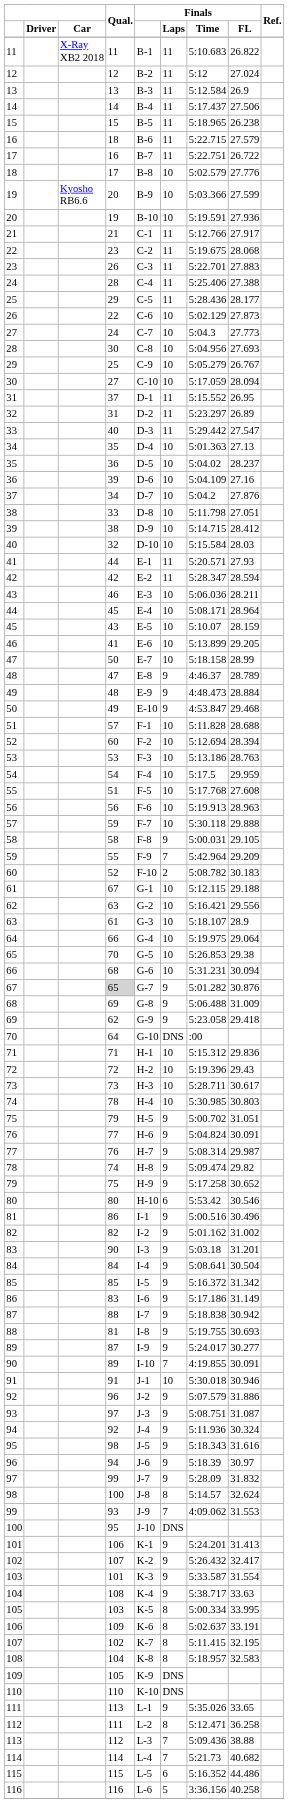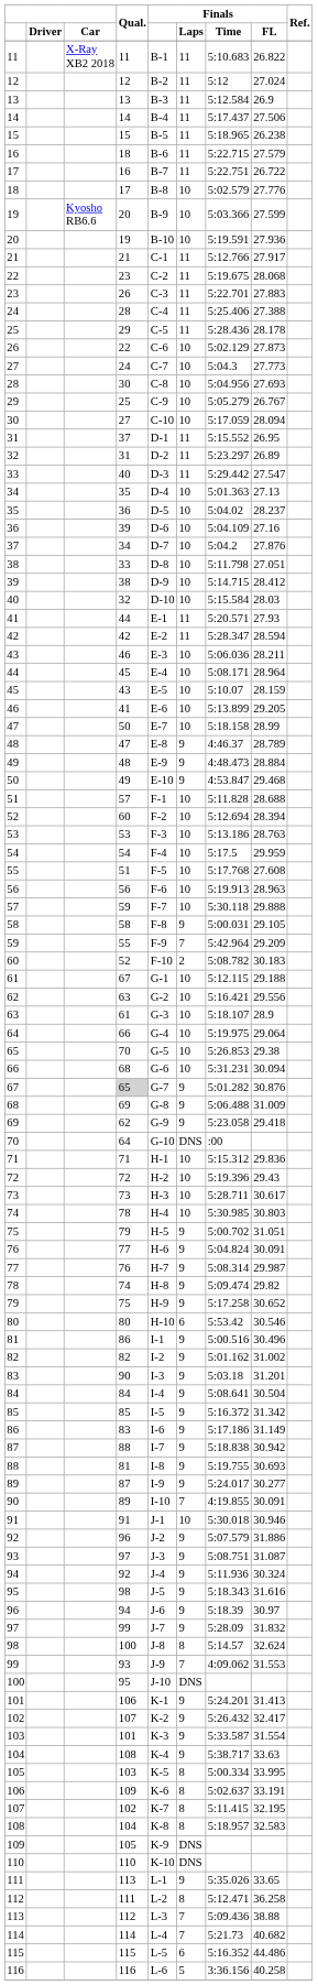 <table border="2" cellpadding="2" cellspacing="0" style="margin:0 1em 0 0; border:1px #aaa solid; border-collapse:collapse; font-size:85%;">
 <tr>
 <th colspan="3"></th>
 <th rowspan="2" style="text-align:center;">Qual.</th>
 <th colspan="4" style="text-align:center;">Finals</th>
 <th rowspan="2" style="text-align:center;">Ref.</th>
 </tr>
 <tr>
 <th style="text-align:center;"></th>
 <th style="text-align:center;">Driver</th>
 <th style="text-align:center;">Car</th>
 <th style="text-align:center;"></th>
 <th style="text-align:center;">Laps</th>
 <th style="text-align:center;">Time</th>
 <th style="text-align:center;">FL</th>
 </tr>
 <tr>
 </tr>
 <tr>
 <td>11</td>
 <td></td>
 <td><a href='#'>X-Ray</a><br> XB2 2018</td>
 <td>11</td>
 <td>B-1</td>
 <td>11</td>
 <td>5:10.683</td>
 <td>26.822</td>
 <td></td>
 </tr>
 <tr>
 <td>12</td>
 <td></td>
 <td></td>
 <td>12</td>
 <td>B-2</td>
 <td>11</td>
 <td>5:12</td>
 <td>27.024</td>
 <td></td>
 </tr>
 <tr>
 <td>13</td>
 <td></td>
 <td></td>
 <td>13</td>
 <td>B-3</td>
 <td>11</td>
 <td>5:12.584</td>
 <td>26.9</td>
 <td></td>
 </tr>
 <tr>
 <td>14</td>
 <td></td>
 <td></td>
 <td>14</td>
 <td>B-4</td>
 <td>11</td>
 <td>5:17.437</td>
 <td>27.506</td>
 <td></td>
 </tr>
 <tr>
 <td>15</td>
 <td></td>
 <td></td>
 <td>15</td>
 <td>B-5</td>
 <td>11</td>
 <td>5:18.965</td>
 <td>26.238</td>
 <td></td>
 </tr>
 <tr>
 <td>16</td>
 <td></td>
 <td></td>
 <td>18</td>
 <td>B-6</td>
 <td>11</td>
 <td>5:22.715</td>
 <td>27.579</td>
 <td></td>
 </tr>
 <tr>
 <td>17</td>
 <td></td>
 <td></td>
 <td>16</td>
 <td>B-7</td>
 <td>11</td>
 <td>5:22.751</td>
 <td>26.722</td>
 <td></td>
 </tr>
 <tr>
 <td>18</td>
 <td></td>
 <td></td>
 <td>17</td>
 <td>B-8</td>
 <td>10</td>
 <td>5:02.579</td>
 <td>27.776</td>
 <td></td>
 </tr>
 <tr>
 <td>19</td>
 <td></td>
 <td><a href='#'>Kyosho</a><br> RB6.6</td>
 <td>20</td>
 <td>B-9</td>
 <td>10</td>
 <td>5:03.366</td>
 <td>27.599</td>
 <td></td>
 </tr>
 <tr>
 <td>20</td>
 <td></td>
 <td></td>
 <td>19</td>
 <td>B-10</td>
 <td>10</td>
 <td>5:19.591</td>
 <td>27.936</td>
 <td></td>
 </tr>
 <tr>
 <td>21</td>
 <td></td>
 <td></td>
 <td>21</td>
 <td>C-1</td>
 <td>11</td>
 <td>5:12.766</td>
 <td>27.917</td>
 <td></td>
 </tr>
 <tr>
 <td>22</td>
 <td></td>
 <td></td>
 <td>23</td>
 <td>C-2</td>
 <td>11</td>
 <td>5:19.675</td>
 <td>28.068</td>
 <td></td>
 </tr>
 <tr>
 <td>23</td>
 <td></td>
 <td></td>
 <td>26</td>
 <td>C-3</td>
 <td>11</td>
 <td>5:22.701</td>
 <td>27.883</td>
 <td></td>
 </tr>
 <tr>
 <td>24</td>
 <td></td>
 <td></td>
 <td>28</td>
 <td>C-4</td>
 <td>11</td>
 <td>5:25.406</td>
 <td>27.388</td>
 <td></td>
 </tr>
 <tr>
 <td>25</td>
 <td></td>
 <td></td>
 <td>29</td>
 <td>C-5</td>
 <td>11</td>
 <td>5:28.436</td>
-<td>28.177</td>
+<td>28.178</td>
 <td></td>
 </tr>
 <tr>
 <td>26</td>
 <td></td>
 <td></td>
 <td>22</td>
 <td>C-6</td>
 <td>10</td>
 <td>5:02.129</td>
 <td>27.873</td>
 <td></td>
 </tr>
 <tr>
 <td>27</td>
 <td></td>
 <td></td>
 <td>24</td>
 <td>C-7</td>
 <td>10</td>
 <td>5:04.3</td>
 <td>27.773</td>
 <td></td>
 </tr>
 <tr>
 <td>28</td>
 <td></td>
 <td></td>
 <td>30</td>
 <td>C-8</td>
 <td>10</td>
 <td>5:04.956</td>
 <td>27.693</td>
 <td></td>
 </tr>
 <tr>
 <td>29</td>
 <td></td>
 <td></td>
 <td>25</td>
 <td>C-9</td>
 <td>10</td>
 <td>5:05.279</td>
 <td>26.767</td>
 <td></td>
 </tr>
 <tr>
 <td>30</td>
 <td></td>
 <td></td>
 <td>27</td>
 <td>C-10</td>
 <td>10</td>
 <td>5:17.059</td>
 <td>28.094</td>
 <td></td>
 </tr>
 <tr>
 <td>31</td>
 <td></td>
 <td></td>
 <td>37</td>
 <td>D-1</td>
 <td>11</td>
 <td>5:15.552</td>
 <td>26.95</td>
 <td></td>
 </tr>
 <tr>
 <td>32</td>
 <td></td>
 <td></td>
 <td>31</td>
 <td>D-2</td>
 <td>11</td>
 <td>5:23.297</td>
 <td>26.89</td>
 <td></td>
 </tr>
 <tr>
 <td>33</td>
 <td></td>
 <td></td>
 <td>40</td>
 <td>D-3</td>
 <td>11</td>
 <td>5:29.442</td>
 <td>27.547</td>
 <td></td>
 </tr>
 <tr>
 <td>34</td>
 <td></td>
 <td></td>
 <td>35</td>
 <td>D-4</td>
 <td>10</td>
 <td>5:01.363</td>
 <td>27.13</td>
 <td></td>
 </tr>
 <tr>
 <td>35</td>
 <td></td>
 <td></td>
 <td>36</td>
 <td>D-5</td>
 <td>10</td>
 <td>5:04.02</td>
 <td>28.237</td>
 <td></td>
 </tr>
 <tr>
 <td>36</td>
 <td></td>
 <td></td>
 <td>39</td>
 <td>D-6</td>
 <td>10</td>
 <td>5:04.109</td>
 <td>27.16</td>
 <td></td>
 </tr>
 <tr>
 <td>37</td>
 <td></td>
 <td></td>
 <td>34</td>
 <td>D-7</td>
 <td>10</td>
 <td>5:04.2</td>
 <td>27.876</td>
 <td></td>
 </tr>
 <tr>
 <td>38</td>
 <td></td>
 <td></td>
 <td>33</td>
 <td>D-8</td>
 <td>10</td>
 <td>5:11.798</td>
 <td>27.051</td>
 <td></td>
 </tr>
 <tr>
 <td>39</td>
 <td></td>
 <td></td>
 <td>38</td>
 <td>D-9</td>
 <td>10</td>
 <td>5:14.715</td>
 <td>28.412</td>
 <td></td>
 </tr>
 <tr>
 <td>40</td>
 <td></td>
 <td></td>
 <td>32</td>
 <td>D-10</td>
 <td>10</td>
 <td>5:15.584</td>
 <td>28.03</td>
 <td></td>
 </tr>
 <tr>
 <td>41</td>
 <td></td>
 <td></td>
 <td>44</td>
 <td>E-1</td>
 <td>11</td>
 <td>5:20.571</td>
 <td>27.93</td>
 <td></td>
 </tr>
 <tr>
 <td>42</td>
 <td></td>
 <td></td>
 <td>42</td>
 <td>E-2</td>
 <td>11</td>
 <td>5:28.347</td>
 <td>28.594</td>
 <td></td>
 </tr>
 <tr>
 <td>43</td>
 <td></td>
 <td></td>
 <td>46</td>
 <td>E-3</td>
 <td>10</td>
 <td>5:06.036</td>
 <td>28.211</td>
 <td></td>
 </tr>
 <tr>
 <td>44</td>
 <td></td>
 <td></td>
 <td>45</td>
 <td>E-4</td>
 <td>10</td>
 <td>5:08.171</td>
 <td>28.964</td>
 <td></td>
 </tr>
 <tr>
 <td>45</td>
 <td></td>
 <td></td>
 <td>43</td>
 <td>E-5</td>
 <td>10</td>
 <td>5:10.07</td>
 <td>28.159</td>
 <td></td>
 </tr>
 <tr>
 <td>46</td>
 <td></td>
 <td></td>
 <td>41</td>
 <td>E-6</td>
 <td>10</td>
 <td>5:13.899</td>
 <td>29.205</td>
 <td></td>
 </tr>
 <tr>
 <td>47</td>
 <td></td>
 <td></td>
 <td>50</td>
 <td>E-7</td>
 <td>10</td>
 <td>5:18.158</td>
 <td>28.99</td>
 <td></td>
 </tr>
 <tr>
 <td>48</td>
 <td></td>
 <td></td>
 <td>47</td>
 <td>E-8</td>
 <td>9</td>
 <td>4:46.37</td>
 <td>28.789</td>
 <td></td>
 </tr>
 <tr>
 <td>49</td>
 <td></td>
 <td></td>
 <td>48</td>
 <td>E-9</td>
 <td>9</td>
 <td>4:48.473</td>
 <td>28.884</td>
 <td></td>
 </tr>
 <tr>
 <td>50</td>
 <td></td>
 <td></td>
 <td>49</td>
 <td>E-10</td>
 <td>9</td>
 <td>4:53.847</td>
 <td>29.468</td>
 <td></td>
 </tr>
 <tr>
 <td>51</td>
 <td></td>
 <td></td>
 <td>57</td>
 <td>F-1</td>
 <td>10</td>
 <td>5:11.828</td>
 <td>28.688</td>
 <td></td>
 </tr>
 <tr>
 <td>52</td>
 <td></td>
 <td></td>
 <td>60</td>
 <td>F-2</td>
 <td>10</td>
 <td>5:12.694</td>
 <td>28.394</td>
 <td></td>
 </tr>
 <tr>
 <td>53</td>
 <td></td>
 <td></td>
 <td>53</td>
 <td>F-3</td>
 <td>10</td>
 <td>5:13.186</td>
 <td>28.763</td>
 <td></td>
 </tr>
 <tr>
 <td>54</td>
 <td></td>
 <td></td>
 <td>54</td>
 <td>F-4</td>
 <td>10</td>
 <td>5:17.5</td>
 <td>29.959</td>
 <td></td>
 </tr>
 <tr>
 <td>55</td>
 <td></td>
 <td></td>
 <td>51</td>
 <td>F-5</td>
 <td>10</td>
 <td>5:17.768</td>
 <td>27.608</td>
 <td></td>
 </tr>
 <tr>
 <td>56</td>
 <td></td>
 <td></td>
 <td>56</td>
 <td>F-6</td>
 <td>10</td>
 <td>5:19.913</td>
 <td>28.963</td>
 <td></td>
 </tr>
 <tr>
 <td>57</td>
 <td></td>
 <td></td>
 <td>59</td>
 <td>F-7</td>
 <td>10</td>
 <td>5:30.118</td>
 <td>29.888</td>
 <td></td>
 </tr>
 <tr>
 <td>58</td>
 <td></td>
 <td></td>
 <td>58</td>
 <td>F-8</td>
 <td>9</td>
 <td>5:00.031</td>
 <td>29.105</td>
 <td></td>
 </tr>
 <tr>
 <td>59</td>
 <td></td>
 <td></td>
 <td>55</td>
 <td>F-9</td>
 <td>7</td>
 <td>5:42.964</td>
 <td>29.209</td>
 <td></td>
 </tr>
 <tr>
 <td>60</td>
 <td></td>
 <td></td>
 <td>52</td>
 <td>F-10</td>
 <td>2</td>
 <td>5:08.782</td>
 <td>30.183</td>
 <td></td>
 </tr>
 <tr>
 <td>61</td>
 <td></td>
 <td></td>
 <td>67</td>
 <td>G-1</td>
 <td>10</td>
 <td>5:12.115</td>
 <td>29.188</td>
 <td></td>
 </tr>
 <tr>
 <td>62</td>
 <td></td>
 <td></td>
 <td>63</td>
 <td>G-2</td>
 <td>10</td>
 <td>5:16.421</td>
 <td>29.556</td>
 <td></td>
 </tr>
 <tr>
 <td>63</td>
 <td></td>
 <td></td>
 <td>61</td>
 <td>G-3</td>
 <td>10</td>
 <td>5:18.107</td>
 <td>28.9</td>
 <td></td>
 </tr>
 <tr>
 <td>64</td>
 <td></td>
 <td></td>
 <td>66</td>
 <td>G-4</td>
 <td>10</td>
 <td>5:19.975</td>
 <td>29.064</td>
 <td></td>
 </tr>
 <tr>
 <td>65</td>
 <td></td>
 <td></td>
 <td>70</td>
 <td>G-5</td>
 <td>10</td>
 <td>5:26.853</td>
 <td>29.38</td>
 <td></td>
 </tr>
 <tr>
 <td>66</td>
 <td></td>
 <td></td>
 <td>68</td>
 <td>G-6</td>
 <td>10</td>
 <td>5:31.231</td>
 <td>30.094</td>
 <td></td>
 </tr>
 <tr>
 <td>67</td>
 <td></td>
 <td></td>
 <td style="background: lightgrey;">65</td>
 <td>G-7</td>
 <td>9</td>
 <td>5:01.282</td>
 <td>30.876</td>
 <td></td>
 </tr>
 <tr>
 <td>68</td>
 <td></td>
 <td></td>
 <td>69</td>
 <td>G-8</td>
 <td>9</td>
 <td>5:06.488</td>
 <td>31.009</td>
 <td></td>
 </tr>
 <tr>
 <td>69</td>
 <td></td>
 <td></td>
 <td>62</td>
 <td>G-9</td>
 <td>9</td>
 <td>5:23.058</td>
 <td>29.418</td>
 <td></td>
 </tr>
 <tr>
 <td>70</td>
 <td></td>
 <td></td>
 <td>64</td>
 <td>G-10</td>
 <td>DNS</td>
 <td>:00</td>
 <td></td>
 <td></td>
 </tr>
 <tr>
 <td>71</td>
 <td></td>
 <td></td>
 <td>71</td>
 <td>H-1</td>
 <td>10</td>
 <td>5:15.312</td>
 <td>29.836</td>
 <td></td>
 </tr>
 <tr>
 <td>72</td>
 <td></td>
 <td></td>
 <td>72</td>
 <td>H-2</td>
 <td>10</td>
 <td>5:19.396</td>
 <td>29.43</td>
 <td></td>
 </tr>
 <tr>
 <td>73</td>
 <td></td>
 <td></td>
 <td>73</td>
 <td>H-3</td>
 <td>10</td>
 <td>5:28.711</td>
 <td>30.617</td>
 <td></td>
 </tr>
 <tr>
 <td>74</td>
 <td></td>
 <td></td>
 <td>78</td>
 <td>H-4</td>
 <td>10</td>
 <td>5:30.985</td>
 <td>30.803</td>
 <td></td>
 </tr>
 <tr>
 <td>75</td>
 <td></td>
 <td></td>
 <td>79</td>
 <td>H-5</td>
 <td>9</td>
 <td>5:00.702</td>
 <td>31.051</td>
 <td></td>
 </tr>
 <tr>
 <td>76</td>
 <td></td>
 <td></td>
 <td>77</td>
 <td>H-6</td>
 <td>9</td>
 <td>5:04.824</td>
 <td>30.091</td>
 <td></td>
 </tr>
 <tr>
 <td>77</td>
 <td></td>
 <td></td>
 <td>76</td>
 <td>H-7</td>
 <td>9</td>
 <td>5:08.314</td>
 <td>29.987</td>
 <td></td>
 </tr>
 <tr>
 <td>78</td>
 <td></td>
 <td></td>
 <td>74</td>
 <td>H-8</td>
 <td>9</td>
 <td>5:09.474</td>
 <td>29.82</td>
 <td></td>
 </tr>
 <tr>
 <td>79</td>
 <td></td>
 <td></td>
 <td>75</td>
 <td>H-9</td>
 <td>9</td>
 <td>5:17.258</td>
 <td>30.652</td>
 <td></td>
 </tr>
 <tr>
 <td>80</td>
 <td></td>
 <td></td>
 <td>80</td>
 <td>H-10</td>
 <td>6</td>
 <td>5:53.42</td>
 <td>30.546</td>
 <td></td>
 </tr>
 <tr>
 <td>81</td>
 <td></td>
 <td></td>
 <td>86</td>
 <td>I-1</td>
 <td>9</td>
 <td>5:00.516</td>
 <td>30.496</td>
 <td></td>
 </tr>
 <tr>
 <td>82</td>
 <td></td>
 <td></td>
 <td>82</td>
 <td>I-2</td>
 <td>9</td>
 <td>5:01.162</td>
 <td>31.002</td>
 <td></td>
 </tr>
 <tr>
 <td>83</td>
 <td></td>
 <td></td>
 <td>90</td>
 <td>I-3</td>
 <td>9</td>
 <td>5:03.18</td>
 <td>31.201</td>
 <td></td>
 </tr>
 <tr>
 <td>84</td>
 <td></td>
 <td></td>
 <td>84</td>
 <td>I-4</td>
 <td>9</td>
 <td>5:08.641</td>
 <td>30.504</td>
 <td></td>
 </tr>
 <tr>
 <td>85</td>
 <td></td>
 <td></td>
 <td>85</td>
 <td>I-5</td>
 <td>9</td>
 <td>5:16.372</td>
 <td>31.342</td>
 <td></td>
 </tr>
 <tr>
 <td>86</td>
 <td></td>
 <td></td>
 <td>83</td>
 <td>I-6</td>
 <td>9</td>
 <td>5:17.186</td>
 <td>31.149</td>
 <td></td>
 </tr>
 <tr>
 <td>87</td>
 <td></td>
 <td></td>
 <td>88</td>
 <td>I-7</td>
 <td>9</td>
 <td>5:18.838</td>
 <td>30.942</td>
 <td></td>
 </tr>
 <tr>
 <td>88</td>
 <td></td>
 <td></td>
 <td>81</td>
 <td>I-8</td>
 <td>9</td>
 <td>5:19.755</td>
 <td>30.693</td>
 <td></td>
 </tr>
 <tr>
 <td>89</td>
 <td></td>
 <td></td>
 <td>87</td>
 <td>I-9</td>
 <td>9</td>
 <td>5:24.017</td>
 <td>30.277</td>
 <td></td>
 </tr>
 <tr>
 <td>90</td>
 <td></td>
 <td></td>
 <td>89</td>
 <td>I-10</td>
 <td>7</td>
 <td>4:19.855</td>
 <td>30.091</td>
 <td></td>
 </tr>
 <tr>
 <td>91</td>
 <td></td>
 <td></td>
 <td>91</td>
 <td>J-1</td>
 <td>10</td>
 <td>5:30.018</td>
 <td>30.946</td>
 <td></td>
 </tr>
 <tr>
 <td>92</td>
 <td></td>
 <td></td>
 <td>96</td>
 <td>J-2</td>
 <td>9</td>
 <td>5:07.579</td>
 <td>31.886</td>
 <td></td>
 </tr>
 <tr>
 <td>93</td>
 <td></td>
 <td></td>
 <td>97</td>
 <td>J-3</td>
 <td>9</td>
 <td>5:08.751</td>
 <td>31.087</td>
 <td></td>
 </tr>
 <tr>
 <td>94</td>
 <td></td>
 <td></td>
 <td>92</td>
 <td>J-4</td>
 <td>9</td>
 <td>5:11.936</td>
 <td>30.324</td>
 <td></td>
 </tr>
 <tr>
 <td>95</td>
 <td></td>
 <td></td>
 <td>98</td>
 <td>J-5</td>
 <td>9</td>
 <td>5:18.343</td>
 <td>31.616</td>
 <td></td>
 </tr>
 <tr>
 <td>96</td>
 <td></td>
 <td></td>
 <td>94</td>
 <td>J-6</td>
 <td>9</td>
 <td>5:18.39</td>
 <td>30.97</td>
 <td></td>
 </tr>
 <tr>
 <td>97</td>
 <td></td>
 <td></td>
 <td>99</td>
 <td>J-7</td>
 <td>9</td>
 <td>5:28.09</td>
 <td>31.832</td>
 <td></td>
 </tr>
 <tr>
 <td>98</td>
 <td></td>
 <td></td>
 <td>100</td>
 <td>J-8</td>
 <td>8</td>
 <td>5:14.57</td>
 <td>32.624</td>
 <td></td>
 </tr>
 <tr>
 <td>99</td>
 <td></td>
 <td></td>
 <td>93</td>
 <td>J-9</td>
 <td>7</td>
 <td>4:09.062</td>
 <td>31.553</td>
 <td></td>
 </tr>
 <tr>
 <td>100</td>
 <td></td>
 <td></td>
 <td>95</td>
 <td>J-10</td>
 <td>DNS</td>
 <td></td>
 <td></td>
 <td></td>
 </tr>
 <tr>
 <td>101</td>
 <td></td>
 <td></td>
 <td>106</td>
 <td>K-1</td>
 <td>9</td>
 <td>5:24.201</td>
 <td>31.413</td>
 <td></td>
 </tr>
 <tr>
 <td>102</td>
 <td></td>
 <td></td>
 <td>107</td>
 <td>K-2</td>
 <td>9</td>
 <td>5:26.432</td>
 <td>32.417</td>
 <td></td>
 </tr>
 <tr>
 <td>103</td>
 <td></td>
 <td></td>
 <td>101</td>
 <td>K-3</td>
 <td>9</td>
 <td>5:33.587</td>
 <td>31.554</td>
 <td></td>
 </tr>
 <tr>
 <td>104</td>
 <td></td>
 <td></td>
 <td>108</td>
 <td>K-4</td>
 <td>9</td>
 <td>5:38.717</td>
 <td>33.63</td>
 <td></td>
 </tr>
 <tr>
 <td>105</td>
 <td></td>
 <td></td>
 <td>103</td>
 <td>K-5</td>
 <td>8</td>
 <td>5:00.334</td>
 <td>33.995</td>
 <td></td>
 </tr>
 <tr>
 <td>106</td>
 <td></td>
 <td></td>
 <td>109</td>
 <td>K-6</td>
 <td>8</td>
 <td>5:02.637</td>
 <td>33.191</td>
 <td></td>
 </tr>
 <tr>
 <td>107</td>
 <td></td>
 <td></td>
 <td>102</td>
 <td>K-7</td>
 <td>8</td>
 <td>5:11.415</td>
 <td>32.195</td>
 <td></td>
 </tr>
 <tr>
 <td>108</td>
 <td></td>
 <td></td>
 <td>104</td>
 <td>K-8</td>
 <td>8</td>
 <td>5:18.957</td>
 <td>32.583</td>
 <td></td>
 </tr>
 <tr>
 <td>109</td>
 <td></td>
 <td></td>
 <td>105</td>
 <td>K-9</td>
 <td>DNS</td>
 <td></td>
 <td></td>
 <td></td>
 </tr>
 <tr>
 <td>110</td>
 <td></td>
 <td></td>
 <td>110</td>
 <td>K-10</td>
 <td>DNS</td>
 <td></td>
 <td></td>
 <td></td>
 </tr>
 <tr>
 <td>111</td>
 <td></td>
 <td></td>
 <td>113</td>
 <td>L-1</td>
 <td>9</td>
 <td>5:35.026</td>
 <td>33.65</td>
 <td></td>
 </tr>
 <tr>
 <td>112</td>
 <td></td>
 <td></td>
 <td>111</td>
 <td>L-2</td>
 <td>8</td>
 <td>5:12.471</td>
 <td>36.258</td>
 <td></td>
 </tr>
 <tr>
 <td>113</td>
 <td></td>
 <td></td>
 <td>112</td>
 <td>L-3</td>
 <td>7</td>
 <td>5:09.436</td>
 <td>38.88</td>
 <td></td>
 </tr>
 <tr>
 <td>114</td>
 <td></td>
 <td></td>
 <td>114</td>
 <td>L-4</td>
 <td>7</td>
 <td>5:21.73</td>
 <td>40.682</td>
 <td></td>
 </tr>
 <tr>
 <td>115</td>
 <td></td>
 <td></td>
 <td>115</td>
 <td>L-5</td>
 <td>6</td>
 <td>5:16.352</td>
 <td>44.486</td>
 <td></td>
 </tr>
 <tr>
 <td>116</td>
 <td></td>
 <td></td>
 <td>116</td>
 <td>L-6</td>
 <td>5</td>
 <td>3:36.156</td>
 <td>40.258</td>
 <td></td>
 </tr>
 <tr>
 </tr>
 </table>
